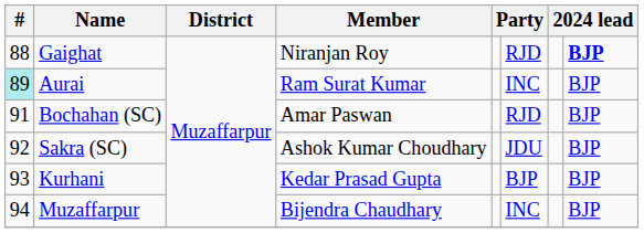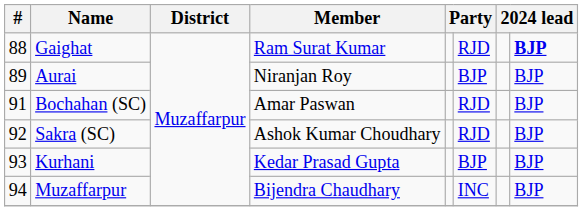 <table class="wikitable">
 <tr>
 <th>#</th>
 <th>Name</th>
 <th>District</th>
 <th>Member</th>
 <th colspan="2">Party</th>
 <th colspan="2">2024 lead</th>
 </tr>
 <tr>
 <td>88</td>
 <td><a href='#'>Gaighat</a></td>
 <td rowspan="6"><a href='#'>Muzaffarpur</a></td>
-<td>Niranjan Roy</td>
+<td><a href='#'>Ram Surat Kumar</a></td>
 <td style="background-color: "></td>
 <td><a href='#'>RJD</a></td>
 <td style="background-color: "></td>
 <td><strong><a href='#'>BJP</a></strong></td>
 </tr>
 <tr>
-<td style="background: paleturquoise;">89</td>
+<td>89</td>
 <td><a href='#'>Aurai</a></td>
-<td><a href='#'>Ram Surat Kumar</a></td>
+<td>Niranjan Roy</td>
 <td style="background-color: "></td>
-<td><a href='#'>INC</a></td>
+<td><a href='#'>BJP</a></td>
 <td style="background-color: "></td>
 <td><a href='#'>BJP</a></td>
 </tr>
 <tr>
 <td>91</td>
 <td><a href='#'>Bochahan</a> (SC)</td>
 <td>Amar Paswan</td>
 <td style="background-color: "></td>
 <td><a href='#'>RJD</a></td>
 <td style="background-color: "></td>
 <td><a href='#'>BJP</a></td>
 </tr>
 <tr>
 <td>92</td>
 <td><a href='#'>Sakra</a> (SC)</td>
 <td>Ashok Kumar Choudhary</td>
 <td style="background-color: "></td>
-<td><a href='#'>JDU</a></td>
+<td><a href='#'>RJD</a></td>
 <td style="background-color: "></td>
 <td><a href='#'>BJP</a></td>
 </tr>
 <tr>
 <td>93</td>
 <td><a href='#'>Kurhani</a></td>
 <td><a href='#'>Kedar Prasad Gupta</a></td>
 <td style="background-color: "></td>
 <td><a href='#'>BJP</a></td>
 <td style="background-color: "></td>
 <td><a href='#'>BJP</a></td>
 </tr>
 <tr>
 <td>94</td>
 <td><a href='#'>Muzaffarpur</a></td>
 <td><a href='#'>Bijendra Chaudhary</a></td>
 <td style="background-color: "></td>
 <td><a href='#'>INC</a></td>
 <td style="background-color: "></td>
 <td><a href='#'>BJP</a></td>
 </tr>
 <tr>
 </tr>
 </table>
